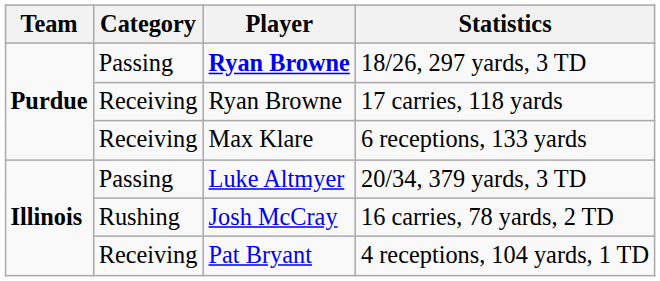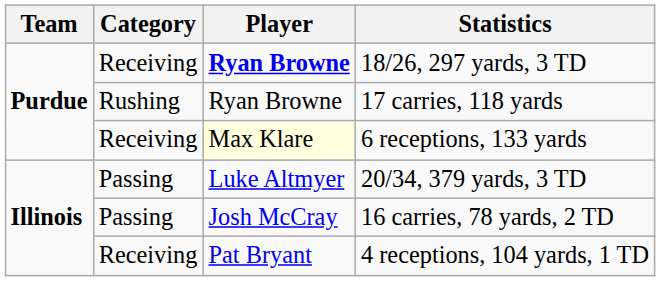 <table class="wikitable" style="float: right;">
 <tr>
 <th>Team</th>
 <th>Category</th>
 <th>Player</th>
 <th>Statistics</th>
 </tr>
 <tr>
 <td rowspan=3><strong>Purdue</strong></td>
-<td>Passing</td>
+<td>Receiving</td>
 <td><strong><a href='#'>Ryan Browne</a></strong></td>
 <td>18/26, 297 yards, 3 TD</td>
 </tr>
 <tr>
-<td>Receiving</td>
+<td>Rushing</td>
 <td>Ryan Browne</td>
 <td>17 carries, 118 yards</td>
 </tr>
 <tr>
 <td>Receiving</td>
-<td>Max Klare</td>
+<td style="background: lightyellow;">Max Klare</td>
 <td>6 receptions, 133 yards</td>
 </tr>
 <tr>
 <td rowspan=3><strong>Illinois</strong></td>
 <td>Passing</td>
 <td><a href='#'>Luke Altmyer</a></td>
 <td>20/34, 379 yards, 3 TD</td>
 </tr>
 <tr>
-<td>Rushing</td>
+<td>Passing</td>
 <td><a href='#'>Josh McCray</a></td>
 <td>16 carries, 78 yards, 2 TD</td>
 </tr>
 <tr>
 <td>Receiving</td>
 <td><a href='#'>Pat Bryant</a></td>
 <td>4 receptions, 104 yards, 1 TD</td>
 </tr>
 </table>
